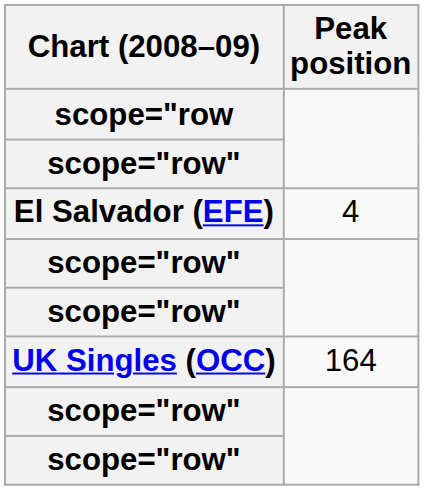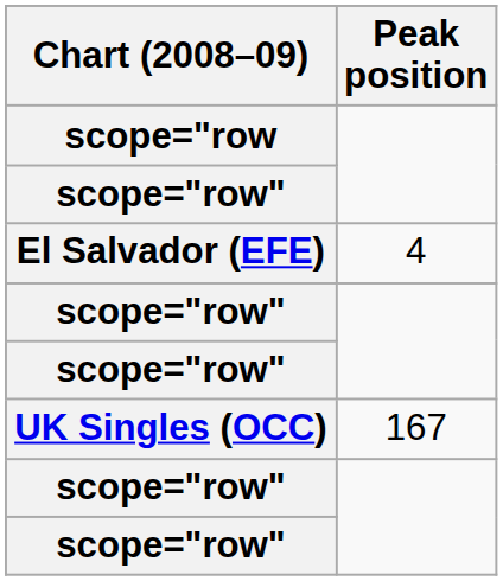 <table class="wikitable sortable plainrowheaders">
 <tr>
 <th align="center">Chart (2008–09)</th>
 <th align="center">Peak<br>position</th>
 </tr>
 <tr>
 <th>scope="row </th>
 </tr>
 <tr>
 <th>scope="row" </th>
 </tr>
 <tr>
 <th scope="row">El Salvador (<a href='#'>EFE</a>)</th>
 <td style="text-align:center;">4</td>
 </tr>
 <tr>
 <th>scope="row" </th>
 </tr>
 <tr>
 <th>scope="row" </th>
 </tr>
 <tr>
 <th scope="row"><a href='#'>UK Singles</a> (<a href='#'>OCC</a>)</th>
-<td style="text-align:center;">164</td>
+<td style="text-align:center;">167</td>
 </tr>
 <tr>
 <th>scope="row" </th>
 </tr>
 <tr>
 <th>scope="row" </th>
 </tr>
 </table>
